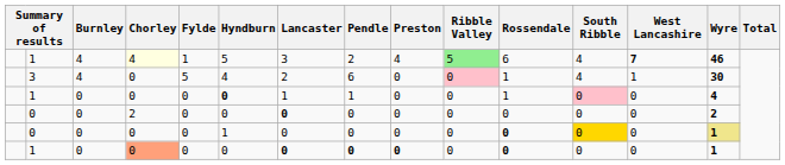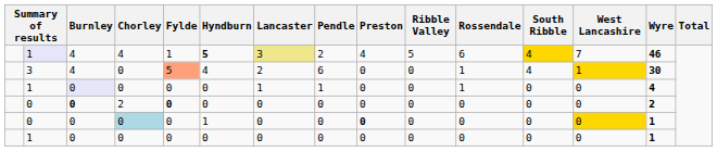 <table class="wikitable" style="right; width:45%">
 <tr>
 <th colspan="2">Summary of results</th>
 <th colspan="1" !>Burnley</th>
 <th>Chorley</th>
 <th>Fylde</th>
 <th>Hyndburn</th>
 <th>Lancaster</th>
 <th>Pendle</th>
 <th>Preston</th>
 <th>Ribble Valley</th>
 <th>Rossendale</th>
 <th>South Ribble</th>
 <th>West Lancashire</th>
 <th>Wyre</th>
 <th>Total</th>
 </tr>
 <tr>
 <td></td>
+<td style="background: lavender;">1</td>
+<td>4</td>
+<td>4</td>
 <td>1</td>
-<td>4</td>
-<td style="background: lightyellow;">4</td>
-<td>1</td>
-<td>5</td>
-<td>3</td>
+<td><strong>5</strong></td>
+<td style="background: khaki;">3</td>
 <td>2</td>
 <td>4</td>
-<td style="background: lightgreen;">5</td>
+<td>5</td>
 <td>6</td>
-<td>4</td>
-<td><strong>7</strong></td>
+<td style="background: gold;">4</td>
+<td>7</td>
 <td><strong>46 </strong></td>
 </tr>
 <tr>
 <td></td>
 <td>3</td>
 <td>4</td>
 <td>0</td>
-<td>5</td>
+<td style="background: lightsalmon;">5</td>
 <td>4</td>
 <td>2</td>
 <td>6</td>
 <td>0</td>
-<td style="background: pink;">0</td>
+<td>0</td>
 <td>1</td>
 <td>4</td>
-<td>1</td>
+<td style="background: gold;">1</td>
 <td><strong>30 </strong></td>
 </tr>
 <tr>
 <td></td>
 <td>1</td>
+<td style="background: lavender;">0</td>
 <td>0</td>
 <td>0</td>
 <td>0</td>
-<td><strong>0</strong></td>
 <td>1</td>
 <td>1</td>
 <td>0</td>
 <td>0</td>
 <td>1</td>
-<td style="background: pink;">0</td>
+<td>0</td>
 <td>0</td>
 <td><strong>4</strong></td>
 </tr>
 <tr>
 <td></td>
 <td>0</td>
-<td>0</td>
+<td><strong>0</strong></td>
 <td>2</td>
+<td><strong>0</strong></td>
 <td>0</td>
 <td>0</td>
-<td><strong>0</strong></td>
 <td>0</td>
 <td>0</td>
 <td>0</td>
 <td>0</td>
 <td>0</td>
 <td>0</td>
 <td><strong>2 </strong></td>
 </tr>
 <tr>
 <td></td>
 <td>0</td>
 <td>0</td>
+<td style="background: lightblue;">0</td>
+<td>0</td>
+<td>1</td>
 <td>0</td>
 <td>0</td>
+<td><strong>0</strong></td>
+<td>0</td>
+<td>0</td>
+<td>0</td>
+<td style="background: gold;">0</td>
+<td><strong>1</strong></td>
+</tr>
+<tr>
+<td></td>
 <td>1</td>
 <td>0</td>
 <td>0</td>
 <td>0</td>
 <td>0</td>
-<td><strong>0</strong></td>
-<td style="background: gold;">0</td>
-<td>0</td>
-<td style="background: khaki;"><strong>1</strong></td>
-</tr>
-<tr>
-<td></td>
-<td>1</td>
-<td>0</td>
-<td style="background: lightsalmon;">0</td>
 <td>0</td>
 <td>0</td>
-<td><strong>0</strong></td>
-<td><strong>0</strong></td>
-<td><strong>0</strong></td>
 <td>0</td>
-<td><strong>0</strong></td>
+<td>0</td>
+<td>0</td>
 <td>0</td>
 <td>0</td>
 <td><strong>1</strong></td>
 </tr>
 </table>
